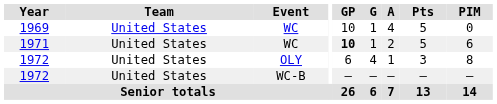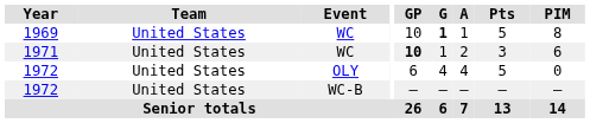 <table border="0" cellpadding="1" cellspacing="0" ID="Table3" style="text-align:center; width:40em">
 <tr bgcolor="#e0e0e0">
 <th>Year</th>
 <th>Team</th>
 <th>Event</th>
 <th rowspan="102" bgcolor="#ffffff"></th>
 <th>GP</th>
 <th>G</th>
 <th>A</th>
 <th>Pts</th>
 <th>PIM</th>
 </tr>
 <tr>
 <td><a href='#'>1969</a></td>
 <td><a href='#'>United States</a></td>
 <td><a href='#'>WC</a></td>
 <td>10</td>
+<td><strong>1</strong></td>
 <td>1</td>
-<td>4</td>
 <td>5</td>
-<td>0</td>
+<td>8</td>
 </tr>
 <tr bgcolor="#f0f0f0">
 <td><a href='#'>1971</a></td>
 <td>United States</td>
 <td>WC</td>
 <td><strong>10</strong></td>
 <td>1</td>
 <td>2</td>
-<td>5</td>
+<td>3</td>
 <td>6</td>
 </tr>
 <tr>
 <td><a href='#'>1972</a></td>
 <td>United States</td>
 <td><a href='#'>OLY</a></td>
 <td>6</td>
 <td>4</td>
-<td>1</td>
-<td>3</td>
-<td>8</td>
+<td>4</td>
+<td>5</td>
+<td>0</td>
 </tr>
 <tr bgcolor="#f0f0f0">
 <td><a href='#'>1972</a></td>
 <td>United States</td>
 <td>WC-B</td>
 <td>—</td>
 <td>—</td>
 <td>—</td>
 <td>—</td>
 <td>—</td>
 </tr>
 <tr bgcolor="#e0e0e0">
 <th colspan="4">Senior totals</th>
 <th>26</th>
 <th>6</th>
 <th>7</th>
 <th>13</th>
 <th>14</th>
 </tr>
 </table>
